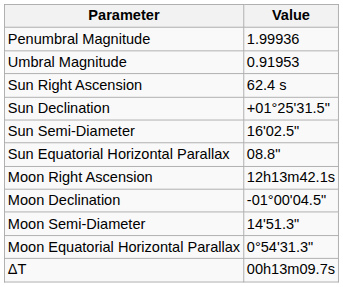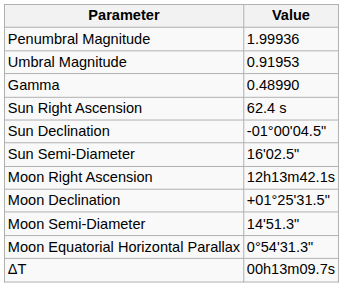 <table class="wikitable">
 <tr>
 <th>Parameter</th>
 <th>Value</th>
 </tr>
 <tr>
 <td>Penumbral Magnitude</td>
 <td>1.99936</td>
 </tr>
 <tr>
 <td>Umbral Magnitude</td>
 <td>0.91953</td>
 </tr>
 <tr>
+<td>Gamma</td>
+<td>0.48990</td>
+</tr>
+<tr>
 <td>Sun Right Ascension</td>
 <td>62.4 s</td>
 </tr>
 <tr>
 <td>Sun Declination</td>
-<td>+01°25'31.5"</td>
+<td>-01°00'04.5"</td>
 </tr>
 <tr>
 <td>Sun Semi-Diameter</td>
 <td>16'02.5"</td>
-</tr>
-<tr>
-<td>Sun Equatorial Horizontal Parallax</td>
-<td>08.8"</td>
 </tr>
 <tr>
 <td>Moon Right Ascension</td>
 <td>12h13m42.1s</td>
 </tr>
 <tr>
 <td>Moon Declination</td>
-<td>-01°00'04.5"</td>
+<td>+01°25'31.5"</td>
 </tr>
 <tr>
 <td>Moon Semi-Diameter</td>
 <td>14'51.3"</td>
 </tr>
 <tr>
 <td>Moon Equatorial Horizontal Parallax</td>
 <td>0°54'31.3"</td>
 </tr>
 <tr>
 <td>ΔT</td>
 <td>00h13m09.7s</td>
 </tr>
 </table>
